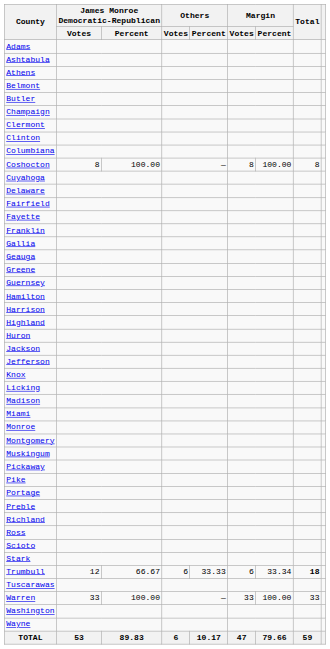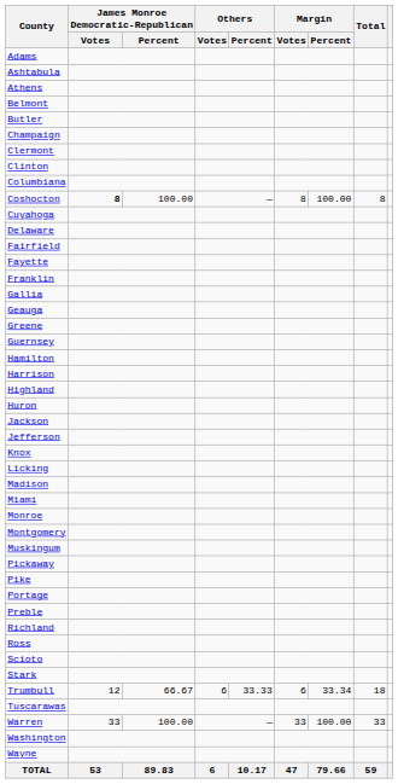 <table class="wikitable sortable">
 <tr>
 <th rowspan=2>County</th>
 <th colspan=2>James Monroe<br>Democratic-Republican</th>
 <th colspan=2>Others</th>
 <th colspan=2>Margin</th>
 <th rowspan=2>Total</th>
 <th rowspan=2></th>
 </tr>
 <tr>
 <th>Votes</th>
 <th>Percent</th>
 <th>Votes</th>
 <th>Percent</th>
 <th>Votes</th>
 <th>Percent</th>
 </tr>
 <tr>
 <td><a href='#'>Adams</a></td>
 <td align=right colspan=2></td>
 <td align=right colspan=2></td>
 <td align=right colspan=2></td>
 <td align=right></td>
 <td align=right></td>
 </tr>
 <tr>
 <td><a href='#'>Ashtabula</a></td>
 <td align=right colspan=2></td>
 <td align=right colspan=2></td>
 <td align=right colspan=2></td>
 <td align=right></td>
 <td align=right></td>
 </tr>
 <tr>
 <td><a href='#'>Athens</a></td>
 <td align=right colspan=2></td>
 <td align=right colspan=2></td>
 <td align=right colspan=2></td>
 <td align=right></td>
 <td align=right></td>
 </tr>
 <tr>
 <td><a href='#'>Belmont</a></td>
 <td align=right colspan=2></td>
 <td align=right colspan=2></td>
 <td align=right colspan=2></td>
 <td align=right></td>
 <td align=right></td>
 </tr>
 <tr>
 <td><a href='#'>Butler</a></td>
 <td align=right colspan=2></td>
 <td align=right colspan=2></td>
 <td align=right colspan=2></td>
 <td align=right></td>
 <td align=right></td>
 </tr>
 <tr>
 <td><a href='#'>Champaign</a></td>
 <td align=right colspan=2></td>
 <td align=right colspan=2></td>
 <td align=right colspan=2></td>
 <td align=right></td>
 <td align=right></td>
 </tr>
 <tr>
 <td><a href='#'>Clermont</a></td>
 <td align=right colspan=2></td>
 <td align=right colspan=2></td>
 <td align=right colspan=2></td>
 <td align=right></td>
 <td align=right></td>
 </tr>
 <tr>
 <td><a href='#'>Clinton</a></td>
 <td align=right colspan=2></td>
 <td align=right colspan=2></td>
 <td align=right colspan=2></td>
 <td align=right></td>
 <td align=right></td>
 </tr>
 <tr>
 <td><a href='#'>Columbiana</a></td>
 <td align=right colspan=2></td>
 <td align=right colspan=2></td>
 <td align=right colspan=2></td>
 <td align=right></td>
 <td align=right></td>
 </tr>
 <tr>
 <td><a href='#'>Coshocton</a></td>
-<td align=right>8</td>
+<td align=right><strong>8</strong></td>
 <td align=right>100.00</td>
 <td align=right colspan=2>—</td>
 <td align=right>8</td>
 <td align=right>100.00</td>
 <td align=right>8</td>
 <td align=right></td>
 </tr>
 <tr>
 <td><a href='#'>Cuyahoga</a></td>
 <td align=right colspan=2></td>
 <td align=right colspan=2></td>
 <td align=right colspan=2></td>
 <td align=right></td>
 <td align=right></td>
 </tr>
 <tr>
 <td><a href='#'>Delaware</a></td>
 <td align=right colspan=2></td>
 <td align=right colspan=2></td>
 <td align=right colspan=2></td>
 <td align=right></td>
 <td align=right></td>
 </tr>
 <tr>
 <td><a href='#'>Fairfield</a></td>
 <td align=right colspan=2></td>
 <td align=right colspan=2></td>
 <td align=right colspan=2></td>
 <td align=right></td>
 <td align=right></td>
 </tr>
 <tr>
 <td><a href='#'>Fayette</a></td>
 <td align=right colspan=2></td>
 <td align=right colspan=2></td>
 <td align=right colspan=2></td>
 <td align=right></td>
 <td align=right></td>
 </tr>
 <tr>
 <td><a href='#'>Franklin</a></td>
 <td align=right colspan=2></td>
 <td align=right colspan=2></td>
 <td align=right colspan=2></td>
 <td align=right></td>
 <td align=right></td>
 </tr>
 <tr>
 <td><a href='#'>Gallia</a></td>
 <td align=right colspan=2></td>
 <td align=right colspan=2></td>
 <td align=right colspan=2></td>
 <td align=right></td>
 <td align=right></td>
 </tr>
 <tr>
 <td><a href='#'>Geauga</a></td>
 <td align=right colspan=2></td>
 <td align=right colspan=2></td>
 <td align=right colspan=2></td>
 <td align=right></td>
 <td align=right></td>
 </tr>
 <tr>
 <td><a href='#'>Greene</a></td>
 <td align=right colspan=2></td>
 <td align=right colspan=2></td>
 <td align=right colspan=2></td>
 <td align=right></td>
 <td align=right></td>
 </tr>
 <tr>
 <td><a href='#'>Guernsey</a></td>
 <td align=right colspan=2></td>
 <td align=right colspan=2></td>
 <td align=right colspan=2></td>
 <td align=right></td>
 <td align=right></td>
 </tr>
 <tr>
 <td><a href='#'>Hamilton</a></td>
 <td align=right colspan=2></td>
 <td align=right colspan=2></td>
 <td align=right colspan=2></td>
 <td align=right></td>
 <td align=right></td>
 </tr>
 <tr>
 <td><a href='#'>Harrison</a></td>
 <td align=right colspan=2></td>
 <td align=right colspan=2></td>
 <td align=right colspan=2></td>
 <td align=right></td>
 <td align=right></td>
 </tr>
 <tr>
 <td><a href='#'>Highland</a></td>
 <td align=right colspan=2></td>
 <td align=right colspan=2></td>
 <td align=right colspan=2></td>
 <td align=right></td>
 <td align=right></td>
 </tr>
 <tr>
 <td><a href='#'>Huron</a></td>
 <td align=right colspan=2></td>
 <td align=right colspan=2></td>
 <td align=right colspan=2></td>
 <td align=right></td>
 <td align=right></td>
 </tr>
 <tr>
 <td><a href='#'>Jackson</a></td>
 <td align=right colspan=2></td>
 <td align=right colspan=2></td>
 <td align=right colspan=2></td>
 <td align=right></td>
 <td align=right></td>
 </tr>
 <tr>
 <td><a href='#'>Jefferson</a></td>
 <td align=right colspan=2></td>
 <td align=right colspan=2></td>
 <td align=right colspan=2></td>
 <td align=right></td>
 <td align=right></td>
 </tr>
 <tr>
 <td><a href='#'>Knox</a></td>
 <td align=right colspan=2></td>
 <td align=right colspan=2></td>
 <td align=right colspan=2></td>
 <td align=right></td>
 <td align=right></td>
 </tr>
 <tr>
 <td><a href='#'>Licking</a></td>
 <td align=right colspan=2></td>
 <td align=right colspan=2></td>
 <td align=right colspan=2></td>
 <td align=right></td>
 <td align=right></td>
 </tr>
 <tr>
 <td><a href='#'>Madison</a></td>
 <td align=right colspan=2></td>
 <td align=right colspan=2></td>
 <td align=right colspan=2></td>
 <td align=right></td>
 <td align=right></td>
 </tr>
 <tr>
 <td><a href='#'>Miami</a></td>
 <td align=right colspan=2></td>
 <td align=right colspan=2></td>
 <td align=right colspan=2></td>
 <td align=right></td>
 <td align=right></td>
 </tr>
 <tr>
 <td><a href='#'>Monroe</a></td>
 <td align=right colspan=2></td>
 <td align=right colspan=2></td>
 <td align=right colspan=2></td>
 <td align=right></td>
 <td align=right></td>
 </tr>
 <tr>
 <td><a href='#'>Montgomery</a></td>
 <td align=right colspan=2></td>
 <td align=right colspan=2></td>
 <td align=right colspan=2></td>
 <td align=right></td>
 <td align=right></td>
 </tr>
 <tr>
 <td><a href='#'>Muskingum</a></td>
 <td align=right colspan=2></td>
 <td align=right colspan=2></td>
 <td align=right colspan=2></td>
 <td align=right></td>
 <td align=right></td>
 </tr>
 <tr>
 <td><a href='#'>Pickaway</a></td>
 <td align=right colspan=2></td>
 <td align=right colspan=2></td>
 <td align=right colspan=2></td>
 <td align=right></td>
 <td align=right></td>
 </tr>
 <tr>
 <td><a href='#'>Pike</a></td>
 <td align=right colspan=2></td>
 <td align=right colspan=2></td>
 <td align=right colspan=2></td>
 <td align=right></td>
 <td align=right></td>
 </tr>
 <tr>
 <td><a href='#'>Portage</a></td>
 <td align=right colspan=2></td>
 <td align=right colspan=2></td>
 <td align=right colspan=2></td>
 <td align=right></td>
 <td align=right></td>
 </tr>
 <tr>
 <td><a href='#'>Preble</a></td>
 <td align=right colspan=2></td>
 <td align=right colspan=2></td>
 <td align=right colspan=2></td>
 <td align=right></td>
 <td align=right></td>
 </tr>
 <tr>
 <td><a href='#'>Richland</a></td>
 <td align=right colspan=2></td>
 <td align=right colspan=2></td>
 <td align=right colspan=2></td>
 <td align=right></td>
 <td align=right></td>
 </tr>
 <tr>
 <td><a href='#'>Ross</a></td>
 <td align=right colspan=2></td>
 <td align=right colspan=2></td>
 <td align=right colspan=2></td>
 <td align=right></td>
 <td align=right></td>
 </tr>
 <tr>
 <td><a href='#'>Scioto</a></td>
 <td align=right colspan=2></td>
 <td align=right colspan=2></td>
 <td align=right colspan=2></td>
 <td align=right></td>
 <td align=right></td>
 </tr>
 <tr>
 <td><a href='#'>Stark</a></td>
 <td align=right colspan=2></td>
 <td align=right colspan=2></td>
 <td align=right colspan=2></td>
 <td align=right></td>
 <td align=right></td>
 </tr>
 <tr>
 <td><a href='#'>Trumbull</a></td>
 <td align=right>12</td>
 <td align=right>66.67</td>
 <td align=right>6</td>
 <td align=right>33.33</td>
 <td align=right>6</td>
 <td align=right>33.34</td>
-<td align=right><strong>18</strong></td>
+<td align=right>18</td>
 <td align=right></td>
 </tr>
 <tr>
 <td><a href='#'>Tuscarawas</a></td>
 <td align=right colspan=2></td>
 <td align=right colspan=2></td>
 <td align=right colspan=2></td>
 <td align=right></td>
 <td align=right></td>
 </tr>
 <tr>
 <td><a href='#'>Warren</a></td>
 <td align=right>33</td>
 <td align=right>100.00</td>
 <td align=right colspan=2>—</td>
 <td align=right>33</td>
 <td align=right>100.00</td>
 <td align=right>33</td>
 <td align=right></td>
 </tr>
 <tr>
 <td><a href='#'>Washington</a></td>
 <td align=right colspan=2></td>
 <td align=right colspan=2></td>
 <td align=right colspan=2></td>
 <td align=right></td>
 <td align=right></td>
 </tr>
 <tr>
 <td><a href='#'>Wayne</a></td>
 <td align=right colspan=2></td>
 <td align=right colspan=2></td>
 <td align=right colspan=2></td>
 <td align=right></td>
 <td align=right></td>
 </tr>
 <tr>
 <th>TOTAL</th>
 <th>53</th>
 <th>89.83</th>
 <th>6</th>
 <th>10.17</th>
 <th>47</th>
 <th>79.66</th>
 <th>59</th>
 <th></th>
 </tr>
 </table>
